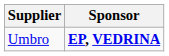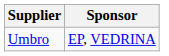 <table class="wikitable">
 <tr>
 <th>Supplier</th>
 <th>Sponsor</th>
 </tr>
 <tr>
 <td> <a href='#'>Umbro</a></td>
-<td><strong> <a href='#'>EP</a>,  <a href='#'>VEDRINA</a></strong></td>
+<td> <a href='#'>EP</a>,  <a href='#'>VEDRINA</a></td>
 </tr>
 </table>
